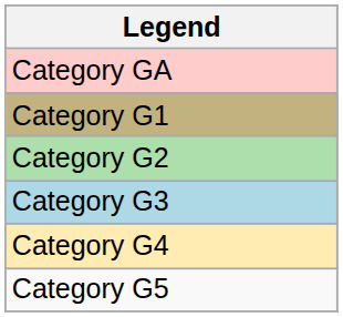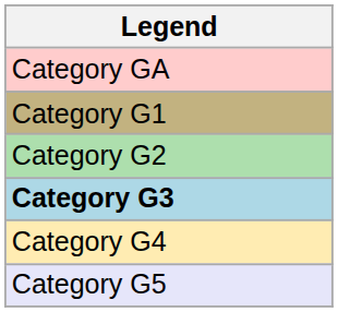 <table class="wikitable" style="font-size:85%;" width=13%>
 <tr>
 <th>Legend</th>
 </tr>
 <tr bgcolor=#ffcccc>
 <td>Category GA</td>
 </tr>
 <tr bgcolor=#C2B280>
 <td>Category G1</td>
 </tr>
 <tr bgcolor="#ADDFAD">
 <td>Category G2</td>
 </tr>
 <tr bgcolor="lightblue">
-<td>Category G3</td>
+<td><strong>Category G3</strong></td>
 </tr>
 <tr bgcolor=#ffecb2>
 <td>Category G4</td>
 </tr>
 <tr>
-<td>Category G5</td>
+<td style="background: lavender;">Category G5</td>
 </tr>
 </table>
